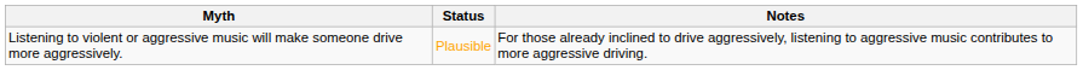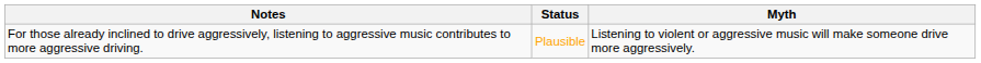 <table class="wikitable plainrowheaders">
 <tr>
+<th scope"col">Notes</th>
+<th scope"col">Status</th>
 <th scope"col">Myth</th>
-<th scope"col">Status</th>
-<th scope"col">Notes</th>
 </tr>
 <tr>
+<td>For those already inclined to drive aggressively, listening to aggressive music contributes to more aggressive driving.</td>
+<td style="color:orange">Plausible</td>
 <td scope"row">Listening to violent or aggressive music will make someone drive more aggressively.</td>
-<td style="color:orange">Plausible</td>
-<td>For those already inclined to drive aggressively, listening to aggressive music contributes to more aggressive driving.</td>
 </tr>
 </table>
